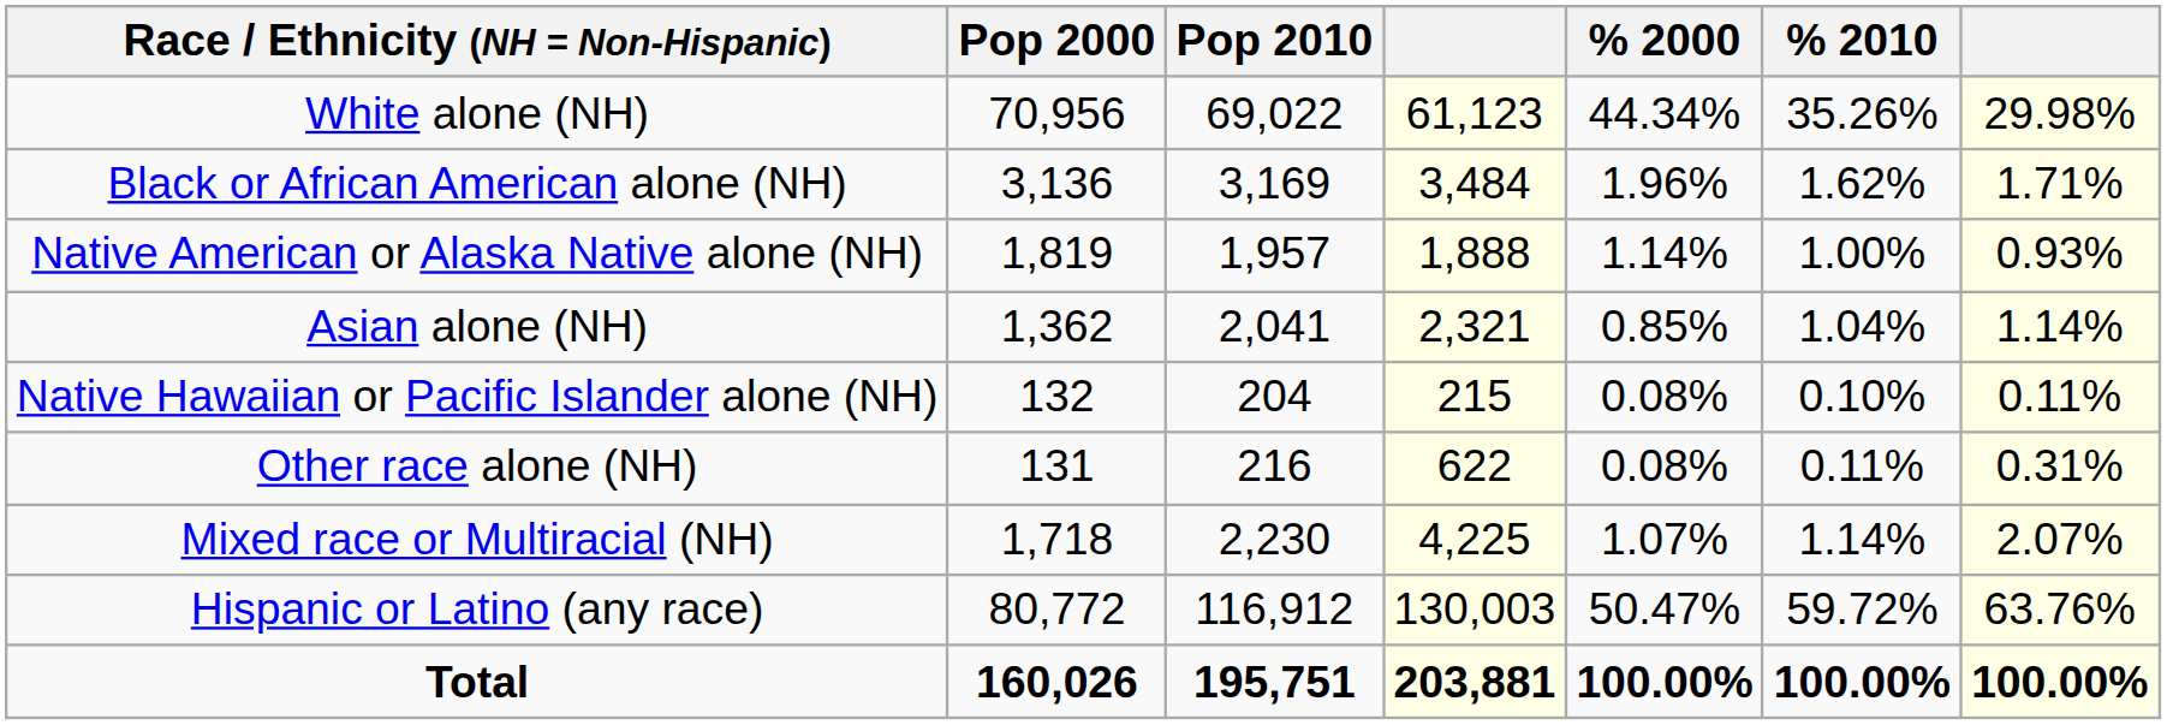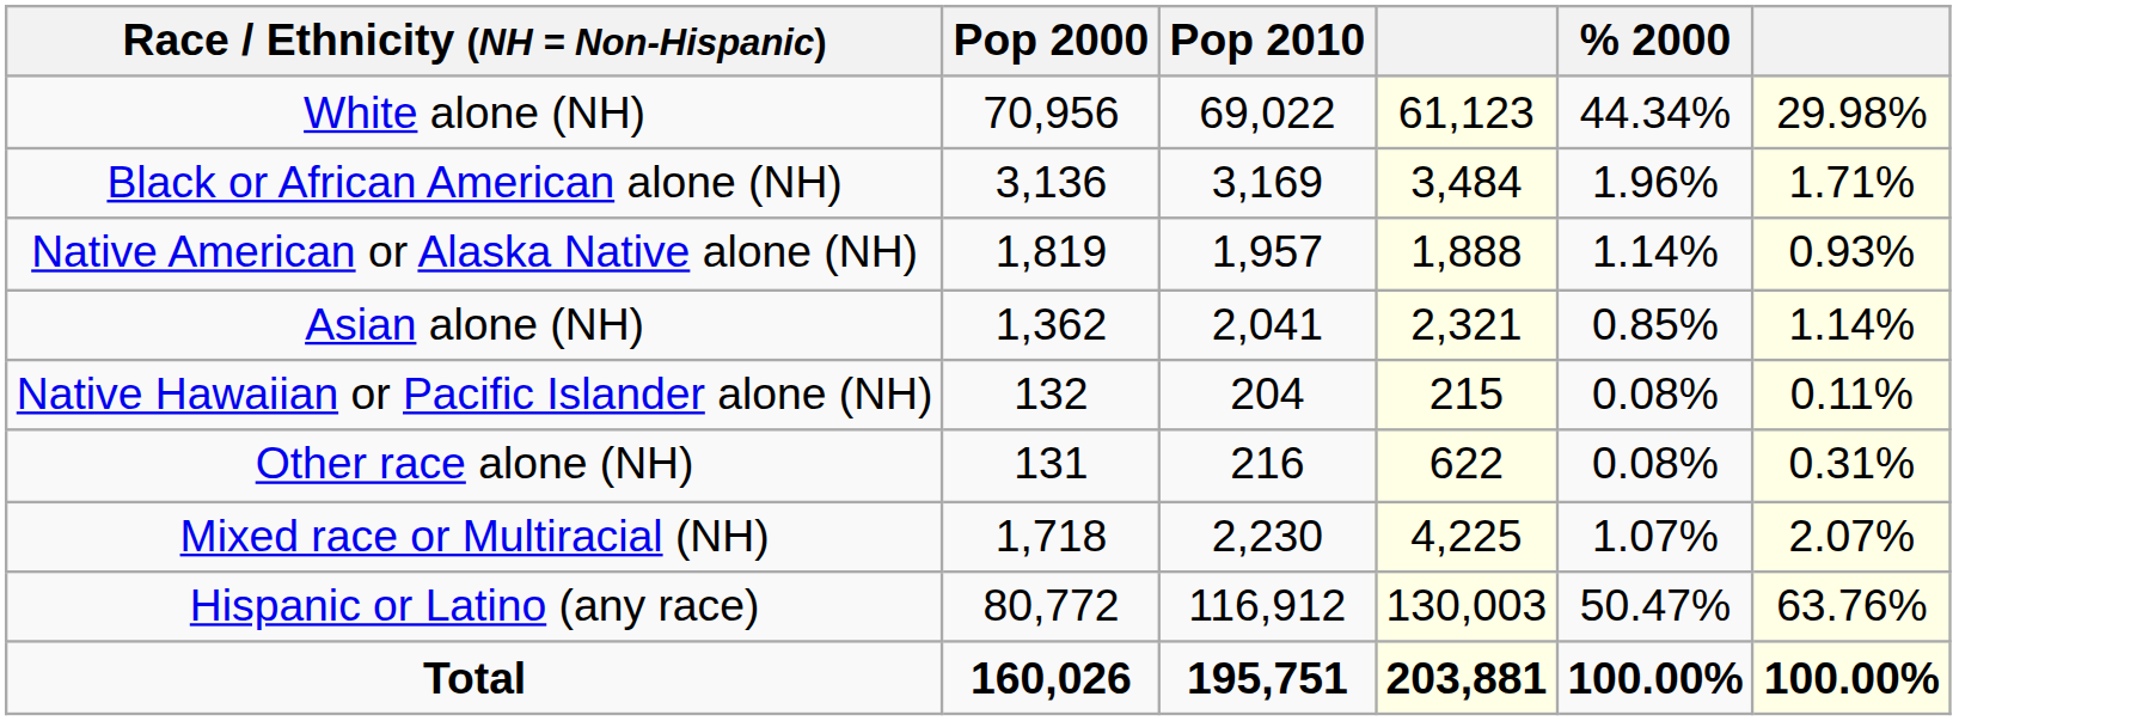 <table class="wikitable" style="text-align:center;">
 <tr>
 <th>Race / Ethnicity <small>(<em>NH = Non-Hispanic</em>)</small></th>
 <th>Pop 2000</th>
 <th>Pop 2010</th>
 <th></th>
 <th>% 2000</th>
-<th>% 2010</th>
 <th></th>
 </tr>
 <tr>
 <td><a href='#'>White</a> alone (NH)</td>
 <td>70,956</td>
 <td>69,022</td>
 <td style='background: #ffffe6;'>61,123</td>
 <td>44.34%</td>
-<td>35.26%</td>
 <td style='background: #ffffe6;'>29.98%</td>
 </tr>
 <tr>
 <td><a href='#'>Black or African American</a> alone (NH)</td>
 <td>3,136</td>
 <td>3,169</td>
 <td style='background: #ffffe6;'>3,484</td>
 <td>1.96%</td>
-<td>1.62%</td>
 <td style='background: #ffffe6;'>1.71%</td>
 </tr>
 <tr>
 <td><a href='#'>Native American</a> or <a href='#'>Alaska Native</a> alone (NH)</td>
 <td>1,819</td>
 <td>1,957</td>
 <td style='background: #ffffe6;'>1,888</td>
 <td>1.14%</td>
-<td>1.00%</td>
 <td style='background: #ffffe6;'>0.93%</td>
 </tr>
 <tr>
 <td><a href='#'>Asian</a> alone (NH)</td>
 <td>1,362</td>
 <td>2,041</td>
 <td style='background: #ffffe6;'>2,321</td>
 <td>0.85%</td>
-<td>1.04%</td>
 <td style='background: #ffffe6;'>1.14%</td>
 </tr>
 <tr>
 <td><a href='#'>Native Hawaiian</a> or <a href='#'>Pacific Islander</a> alone (NH)</td>
 <td>132</td>
 <td>204</td>
 <td style='background: #ffffe6;'>215</td>
 <td>0.08%</td>
-<td>0.10%</td>
 <td style='background: #ffffe6;'>0.11%</td>
 </tr>
 <tr>
 <td><a href='#'>Other race</a> alone (NH)</td>
 <td>131</td>
 <td>216</td>
 <td style='background: #ffffe6;'>622</td>
 <td>0.08%</td>
-<td>0.11%</td>
 <td style='background: #ffffe6;'>0.31%</td>
 </tr>
 <tr>
 <td><a href='#'>Mixed race or Multiracial</a> (NH)</td>
 <td>1,718</td>
 <td>2,230</td>
 <td style='background: #ffffe6;'>4,225</td>
 <td>1.07%</td>
-<td>1.14%</td>
 <td style='background: #ffffe6;'>2.07%</td>
 </tr>
 <tr>
 <td><a href='#'>Hispanic or Latino</a> (any race)</td>
 <td>80,772</td>
 <td>116,912</td>
 <td style='background: #ffffe6;'>130,003</td>
 <td>50.47%</td>
-<td>59.72%</td>
 <td style='background: #ffffe6;'>63.76%</td>
 </tr>
 <tr>
 <td><strong>Total</strong></td>
 <td><strong>160,026</strong></td>
 <td><strong>195,751</strong></td>
 <td style='background: #ffffe6;'><strong>203,881</strong></td>
 <td><strong>100.00%</strong></td>
-<td><strong>100.00%</strong></td>
 <td style='background: #ffffe6;'><strong>100.00%</strong></td>
 </tr>
 </table>
